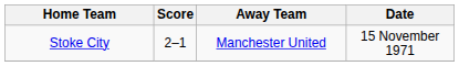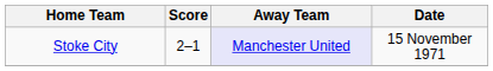 <table class="wikitable" style="text-align:center;">
 <tr>
 <th width=175>Home Team</th>
 <th width=20>Score</th>
 <th width=175>Away Team</th>
 <th width=125>Date</th>
 </tr>
 <tr>
 <td><a href='#'>Stoke City</a></td>
 <td>2–1</td>
-<td><a href='#'>Manchester United</a></td>
+<td style="background: lavender;"><a href='#'>Manchester United</a></td>
 <td>15 November 1971</td>
 </tr>
 <tr>
 </tr>
 </table>
